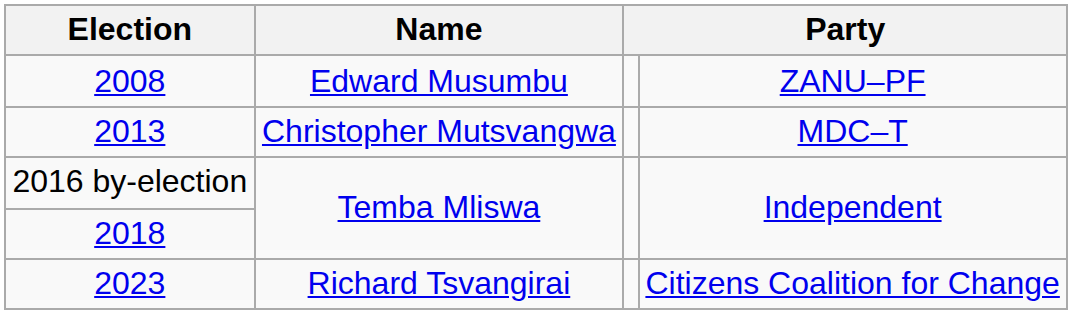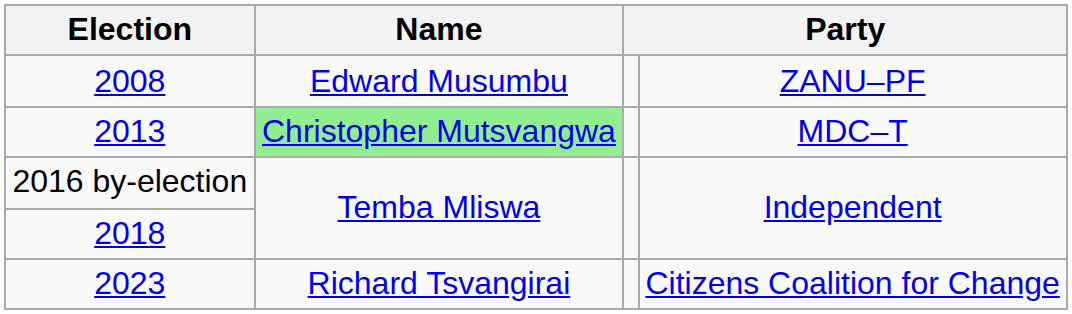 <table class="wikitable" style="text-align:center">
 <tr>
 <th>Election</th>
 <th>Name</th>
 <th colspan="2">Party</th>
 </tr>
 <tr>
 <td><a href='#'>2008</a></td>
 <td><a href='#'>Edward Musumbu</a></td>
 <td style="background-color: "></td>
 <td><a href='#'>ZANU–PF</a></td>
 </tr>
 <tr>
 <td><a href='#'>2013</a></td>
-<td><a href='#'>Christopher Mutsvangwa</a></td>
+<td style="background: lightgreen;"><a href='#'>Christopher Mutsvangwa</a></td>
 <td style="background-color: "></td>
 <td><a href='#'>MDC–T</a></td>
 </tr>
 <tr>
 <td>2016 by-election</td>
 <td rowspan="2"><a href='#'>Temba Mliswa</a></td>
 <td rowspan="2" style="background-color: "></td>
 <td rowspan="2"><a href='#'>Independent</a></td>
 </tr>
 <tr>
 <td><a href='#'>2018</a></td>
 </tr>
 <tr>
 <td><a href='#'>2023</a></td>
 <td><a href='#'>Richard Tsvangirai</a></td>
 <td style="background-color: "></td>
 <td><a href='#'>Citizens Coalition for Change</a></td>
 </tr>
 </table>
